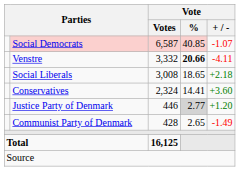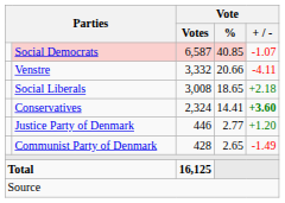 <table class="wikitable" style="text-align:right;">
 <tr>
 <th style="text-align:centre;" rowspan="2" colspan="2" width="225">Parties</th>
 <th colspan="3">Vote</th>
 </tr>
 <tr>
 <th width="15">Votes</th>
 <th width="15">%</th>
 <th width="15">+ / -</th>
 </tr>
 <tr>
 <td width="2" style="color:inherit;background:"></td>
 <td bgcolor=#fbd0ce  align="left"><a href='#'>Social Democrats</a></td>
 <td bgcolor=#fbd0ce>6,587</td>
 <td bgcolor=#fbd0ce>40.85</td>
 <td style=color:red;>-1.07</td>
 </tr>
 <tr>
 <td width="2" style="color:inherit;background:"></td>
 <td align="left"><a href='#'>Venstre</a></td>
 <td>3,332</td>
-<td><strong>20.66</strong></td>
+<td>20.66</td>
 <td style=color:red;>-4.11</td>
 </tr>
 <tr>
 <td width="2" style="color:inherit;background:"></td>
 <td align="left"><a href='#'>Social Liberals</a></td>
 <td>3,008</td>
 <td>18.65</td>
 <td style=color:green;>+2.18</td>
 </tr>
 <tr>
 <td width="2" style="color:inherit;background:"></td>
 <td align="left"><a href='#'>Conservatives</a></td>
 <td>2,324</td>
 <td>14.41</td>
-<td style=color:green;>+3.60</td>
+<td style=color:green;><strong>+3.60</strong></td>
 </tr>
 <tr>
 <td width="2" style="color:inherit;background:"></td>
 <td align="left"><a href='#'>Justice Party of Denmark</a></td>
 <td>446</td>
-<td style="background: lightgrey;">2.77</td>
+<td>2.77</td>
 <td style=color:green;>+1.20</td>
 </tr>
 <tr>
 <td width="2" style="color:inherit;background:"></td>
 <td align="left"><a href='#'>Communist Party of Denmark</a></td>
 <td>428</td>
 <td>2.65</td>
 <td style=color:red;>-1.49</td>
 </tr>
 <tr>
 <td colspan="7" bgcolor="#E9E9E9"></td>
 </tr>
 <tr>
 <td align="left" colspan="2"><strong>Total</strong></td>
 <td><strong>16,125</strong></td>
 <td bgcolor="#E9E9E9" colspan="2"></td>
 </tr>
 <tr>
 <td align="left" colspan="6">Source</td>
 </tr>
 </table>
